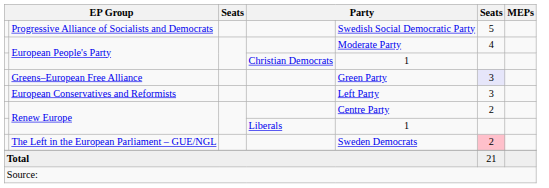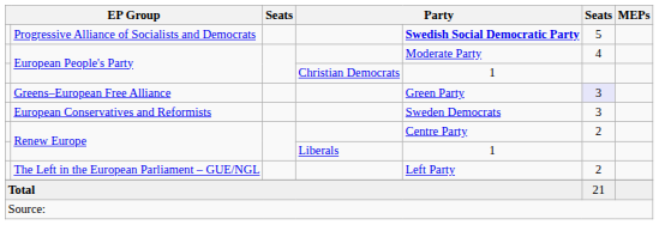 <table class="wikitable">
 <tr>
 <th colspan=2>EP Group</th>
 <th>Seats</th>
 <th colspan=2>Party</th>
 <th>Seats</th>
 <th>MEPs</th>
 </tr>
 <tr>
 <td></td>
 <td><a href='#'>Progressive Alliance of Socialists and Democrats</a></td>
 <td></td>
 <td style="background:"></td>
-<td><a href='#'>Swedish Social Democratic Party</a></td>
+<td><strong><a href='#'>Swedish Social Democratic Party</a></strong></td>
 <td align=center>5</td>
 <td></td>
 </tr>
 <tr>
 <td></td>
 <td rowspan="2"><a href='#'>European People's Party</a></td>
 <td rowspan="2"></td>
 <td style="background:"></td>
 <td><a href='#'>Moderate Party</a></td>
 <td align=center>4</td>
 <td></td>
 </tr>
 <tr>
 <td style="background:"></td>
 <td><a href='#'>Christian Democrats</a></td>
 <td align=center>1</td>
 <td></td>
 </tr>
 <tr>
 <td></td>
 <td><a href='#'>Greens–European Free Alliance</a></td>
 <td></td>
 <td style="background:"></td>
 <td><a href='#'>Green Party</a></td>
 <td align=center style="background: lavender;">3</td>
 <td></td>
 </tr>
 <tr>
 <td></td>
 <td><a href='#'>European Conservatives and Reformists</a></td>
 <td></td>
 <td style="background:"></td>
-<td><a href='#'>Left Party</a></td>
+<td><a href='#'>Sweden Democrats</a></td>
 <td align=center>3</td>
 <td></td>
 </tr>
 <tr>
 <td></td>
 <td rowspan="2"><a href='#'>Renew Europe</a></td>
 <td rowspan="2"></td>
 <td style="background:"></td>
 <td><a href='#'>Centre Party</a></td>
 <td align=center>2</td>
 <td></td>
 </tr>
 <tr>
 <td style="background:"></td>
 <td><a href='#'>Liberals</a></td>
 <td align=center>1</td>
 <td></td>
 </tr>
 <tr>
 <td></td>
 <td><a href='#'>The Left in the European Parliament – GUE/NGL</a></td>
 <td></td>
 <td style="background:"></td>
-<td><a href='#'>Sweden Democrats</a></td>
-<td align=center style="background: pink;">2</td>
+<td><a href='#'>Left Party</a></td>
+<td align=center>2</td>
 <td></td>
 </tr>
 <tr>
 </tr>
 <tr bgcolor="EFEFEF">
 <td colspan=5 align=left><strong>Total</strong></td>
 <td align=center>21</td>
 <td></td>
 </tr>
 <tr>
 <td colspan="7">Source: </td>
 </tr>
 </table>
